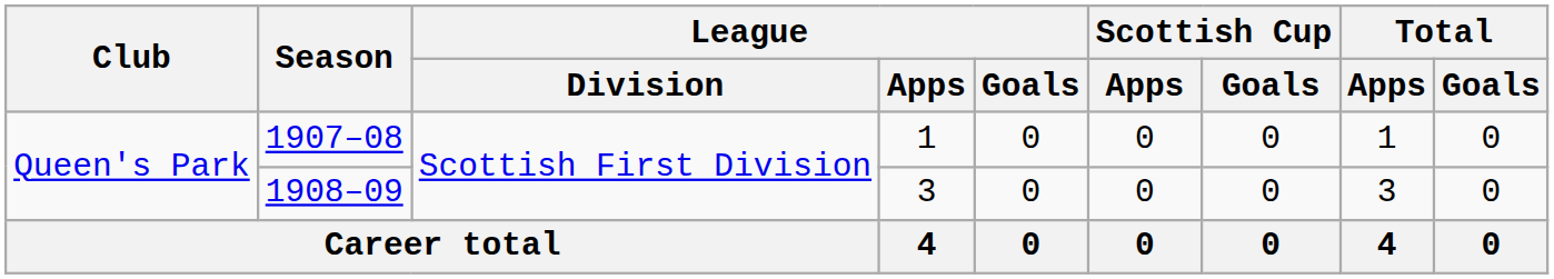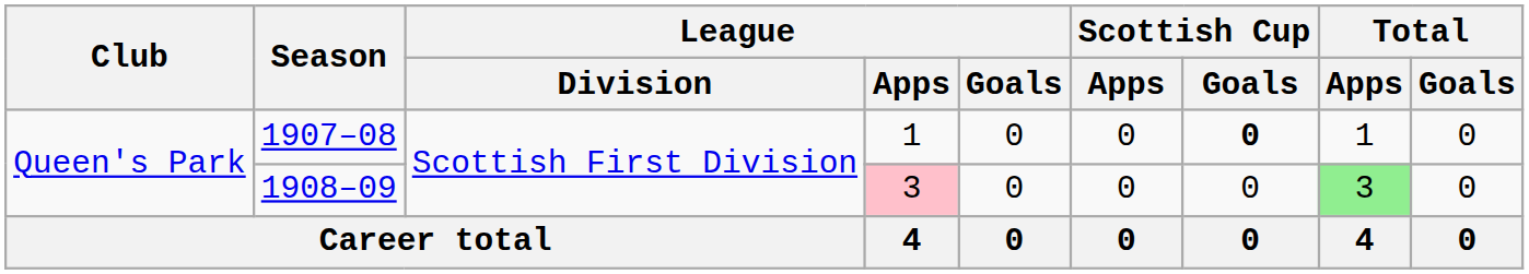 <table class="wikitable" style="text-align: center;">
 <tr>
 <th rowspan="2">Club</th>
 <th rowspan="2">Season</th>
 <th colspan="3">League</th>
 <th colspan="2">Scottish Cup</th>
 <th colspan="2">Total</th>
 </tr>
 <tr>
 <th>Division</th>
 <th>Apps</th>
 <th>Goals</th>
 <th>Apps</th>
 <th>Goals</th>
 <th>Apps</th>
 <th>Goals</th>
 </tr>
 <tr>
 <td rowspan="2"><a href='#'>Queen's Park</a></td>
 <td><a href='#'>1907–08</a></td>
 <td rowspan="2"><a href='#'>Scottish First Division</a></td>
 <td>1</td>
 <td>0</td>
 <td>0</td>
-<td>0</td>
+<td><strong>0</strong></td>
 <td>1</td>
 <td>0</td>
 </tr>
 <tr>
 <td><a href='#'>1908–09</a></td>
-<td>3</td>
+<td style="background: pink;">3</td>
 <td>0</td>
 <td>0</td>
 <td>0</td>
-<td>3</td>
+<td style="background: lightgreen;">3</td>
 <td>0</td>
 </tr>
 <tr>
 <th colspan="3">Career total</th>
 <th>4</th>
 <th>0</th>
 <th>0</th>
 <th>0</th>
 <th>4</th>
 <th>0</th>
 </tr>
 </table>
